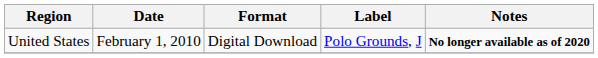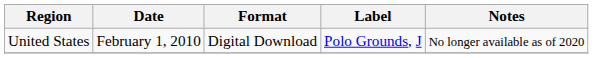 <table class=wikitable>
 <tr>
 <th>Region</th>
 <th>Date</th>
 <th>Format</th>
 <th>Label</th>
 <th>Notes</th>
 </tr>
 <tr>
 <td>United States</td>
 <td>February 1, 2010</td>
 <td>Digital Download</td>
 <td><a href='#'>Polo Grounds</a>, <a href='#'>J</a></td>
-<td><strong><small>No longer available as of 2020</small></strong></td>
+<td><small>No longer available as of 2020</small></td>
 </tr>
 <tr>
 </tr>
 </table>
